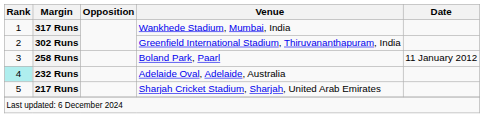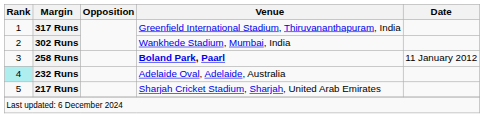 <table class="wikitable plainrowheaders sortable">
 <tr>
 <th scope="col">Rank</th>
 <th scope="col">Margin</th>
 <th scope="col">Opposition</th>
 <th scope="col">Venue</th>
 <th scope="col">Date</th>
 </tr>
 <tr>
 <td align="center">1</td>
 <th scope="row" style="text-align:center;">317 Runs</th>
 <td rowspan=2></td>
-<td><a href='#'>Wankhede Stadium</a>, <a href='#'>Mumbai</a>, India</td>
+<td><a href='#'>Greenfield International Stadium</a>, <a href='#'>Thiruvananthapuram</a>, India</td>
 <td></td>
 </tr>
 <tr>
 <td align="center">2</td>
 <th scope="row" style="text-align:center;">302 Runs</th>
-<td><a href='#'>Greenfield International Stadium</a>, <a href='#'>Thiruvananthapuram</a>, India</td>
+<td><a href='#'>Wankhede Stadium</a>, <a href='#'>Mumbai</a>, India</td>
 <td></td>
 </tr>
 <tr>
 <td align="center">3</td>
 <th scope="row" style="text-align:center;">258 Runs</th>
 <td></td>
-<td><a href='#'>Boland Park</a>, <a href='#'>Paarl</a></td>
+<td><strong><a href='#'>Boland Park</a>, <a href='#'>Paarl</a></strong></td>
 <td>11 January 2012</td>
 </tr>
 <tr>
 <td align="center" style="background: paleturquoise;">4</td>
 <th scope="row" style="text-align:center;">232 Runs</th>
 <td></td>
 <td><a href='#'>Adelaide Oval</a>, <a href='#'>Adelaide</a>, Australia</td>
 <td></td>
 </tr>
 <tr>
 <td align="center">5</td>
 <th scope="row" style="text-align:center;">217 Runs</th>
 <td></td>
 <td><a href='#'>Sharjah Cricket Stadium</a>, <a href='#'>Sharjah</a>, United Arab Emirates</td>
 <td></td>
 </tr>
 <tr>
 </tr>
 <tr class="sortbottom">
 <td colspan="5"><small>Last updated: 6 December 2024</small></td>
 </tr>
 </table>
